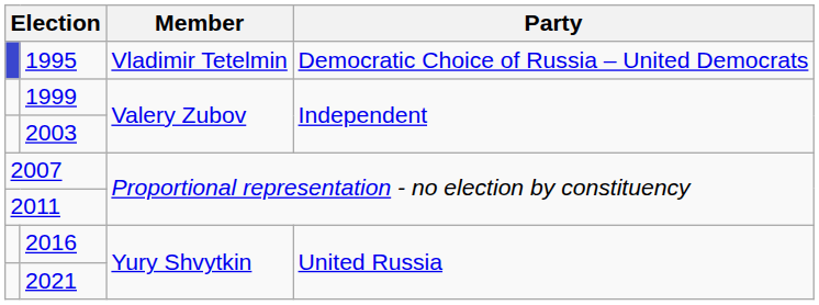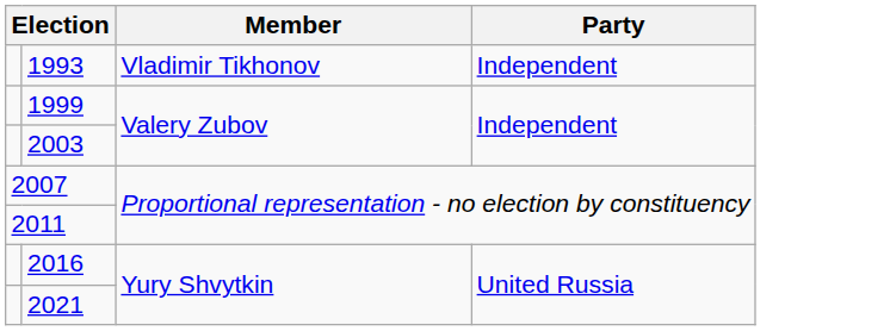 <table class="wikitable">
 <tr>
 <th colspan="2">Election</th>
 <th>Member</th>
 <th>Party</th>
 </tr>
 <tr>
-<td style="background-color:#3A46CE"></td>
-<td><a href='#'>1995</a></td>
-<td><a href='#'>Vladimir Tetelmin</a></td>
-<td><a href='#'>Democratic Choice of Russia – United Democrats</a></td>
+<td style="background-color:"></td>
+<td><a href='#'>1993</a></td>
+<td><a href='#'>Vladimir Tikhonov</a></td>
+<td><a href='#'>Independent</a></td>
 </tr>
 <tr>
 <td style="background-color:"></td>
 <td><a href='#'>1999</a></td>
 <td rowspan=2><a href='#'>Valery Zubov</a></td>
 <td rowspan=2><a href='#'>Independent</a></td>
 </tr>
 <tr>
 <td style="background-color:"></td>
 <td><a href='#'>2003</a></td>
 </tr>
 <tr>
 <td colspan=2><a href='#'>2007</a></td>
 <td colspan=2 rowspan=2><em><a href='#'>Proportional representation</a> - no election by constituency</em></td>
 </tr>
 <tr>
 <td colspan=2><a href='#'>2011</a></td>
 </tr>
 <tr>
 <td style="background-color: "></td>
 <td><a href='#'>2016</a></td>
 <td rowspan=2><a href='#'>Yury Shvytkin</a></td>
 <td rowspan=2><a href='#'>United Russia</a></td>
 </tr>
 <tr>
 <td style="background-color: "></td>
 <td><a href='#'>2021</a></td>
 </tr>
 </table>
